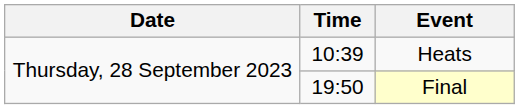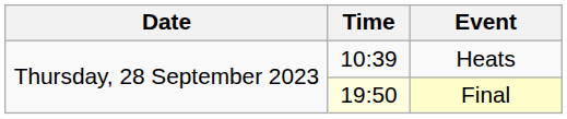 <table class = "wikitable" style="text-align:center;">
 <tr>
 <th width=220>Date</th>
 <th width=50>Time</th>
 <th width=100>Event</th>
 </tr>
 <tr>
 <td rowspan=3>Thursday, 28 September 2023</td>
 <td>10:39</td>
 <td>Heats</td>
 </tr>
 <tr>
-<td>19:50</td>
+<td style="background: lightyellow;">19:50</td>
 <td bgcolor=ffffcc>Final</td>
 </tr>
 </table>
